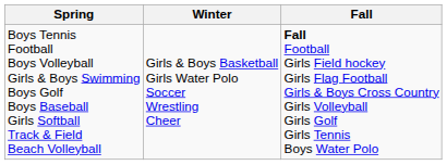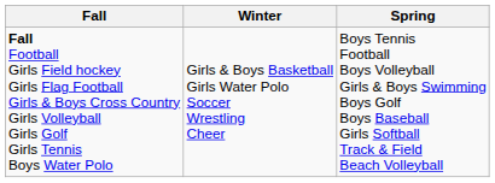 <table class="wikitable">
 <tr>
+<th><strong>Fall</strong></th>
+<th><strong>Winter</strong></th>
 <th><strong>Spring</strong></th>
-<th><strong>Winter</strong></th>
-<th><strong>Fall</strong></th>
 </tr>
 <tr>
+<td><strong>Fall</strong><br><a href='#'>Football</a><br>Girls <a href='#'>Field hockey</a><br>Girls <a href='#'>Flag Football</a><br><a href='#'>Girls & Boys Cross Country</a><br>Girls <a href='#'>Volleyball</a><br>Girls <a href='#'>Golf</a><br>Girls <a href='#'>Tennis</a><br>Boys <a href='#'>Water Polo</a></td>
+<td>Girls & Boys <a href='#'>Basketball</a><br>Girls Water Polo<br><a href='#'>Soccer</a><br><a href='#'>Wrestling</a><br><a href='#'>Cheer</a></td>
 <td>Boys Tennis<br>Football<br>Boys Volleyball<br>Girls & Boys <a href='#'>Swimming</a><br>Boys Golf<br>Boys <a href='#'>Baseball</a><br>Girls <a href='#'>Softball</a><br><a href='#'>Track & Field</a><br><a href='#'>Beach Volleyball</a></td>
-<td>Girls & Boys <a href='#'>Basketball</a><br>Girls Water Polo<br><a href='#'>Soccer</a><br><a href='#'>Wrestling</a><br><a href='#'>Cheer</a></td>
-<td><strong>Fall</strong><br><a href='#'>Football</a><br>Girls <a href='#'>Field hockey</a><br>Girls <a href='#'>Flag Football</a><br><a href='#'>Girls & Boys Cross Country</a><br>Girls <a href='#'>Volleyball</a><br>Girls <a href='#'>Golf</a><br>Girls <a href='#'>Tennis</a><br>Boys <a href='#'>Water Polo</a></td>
 </tr>
 </table>
